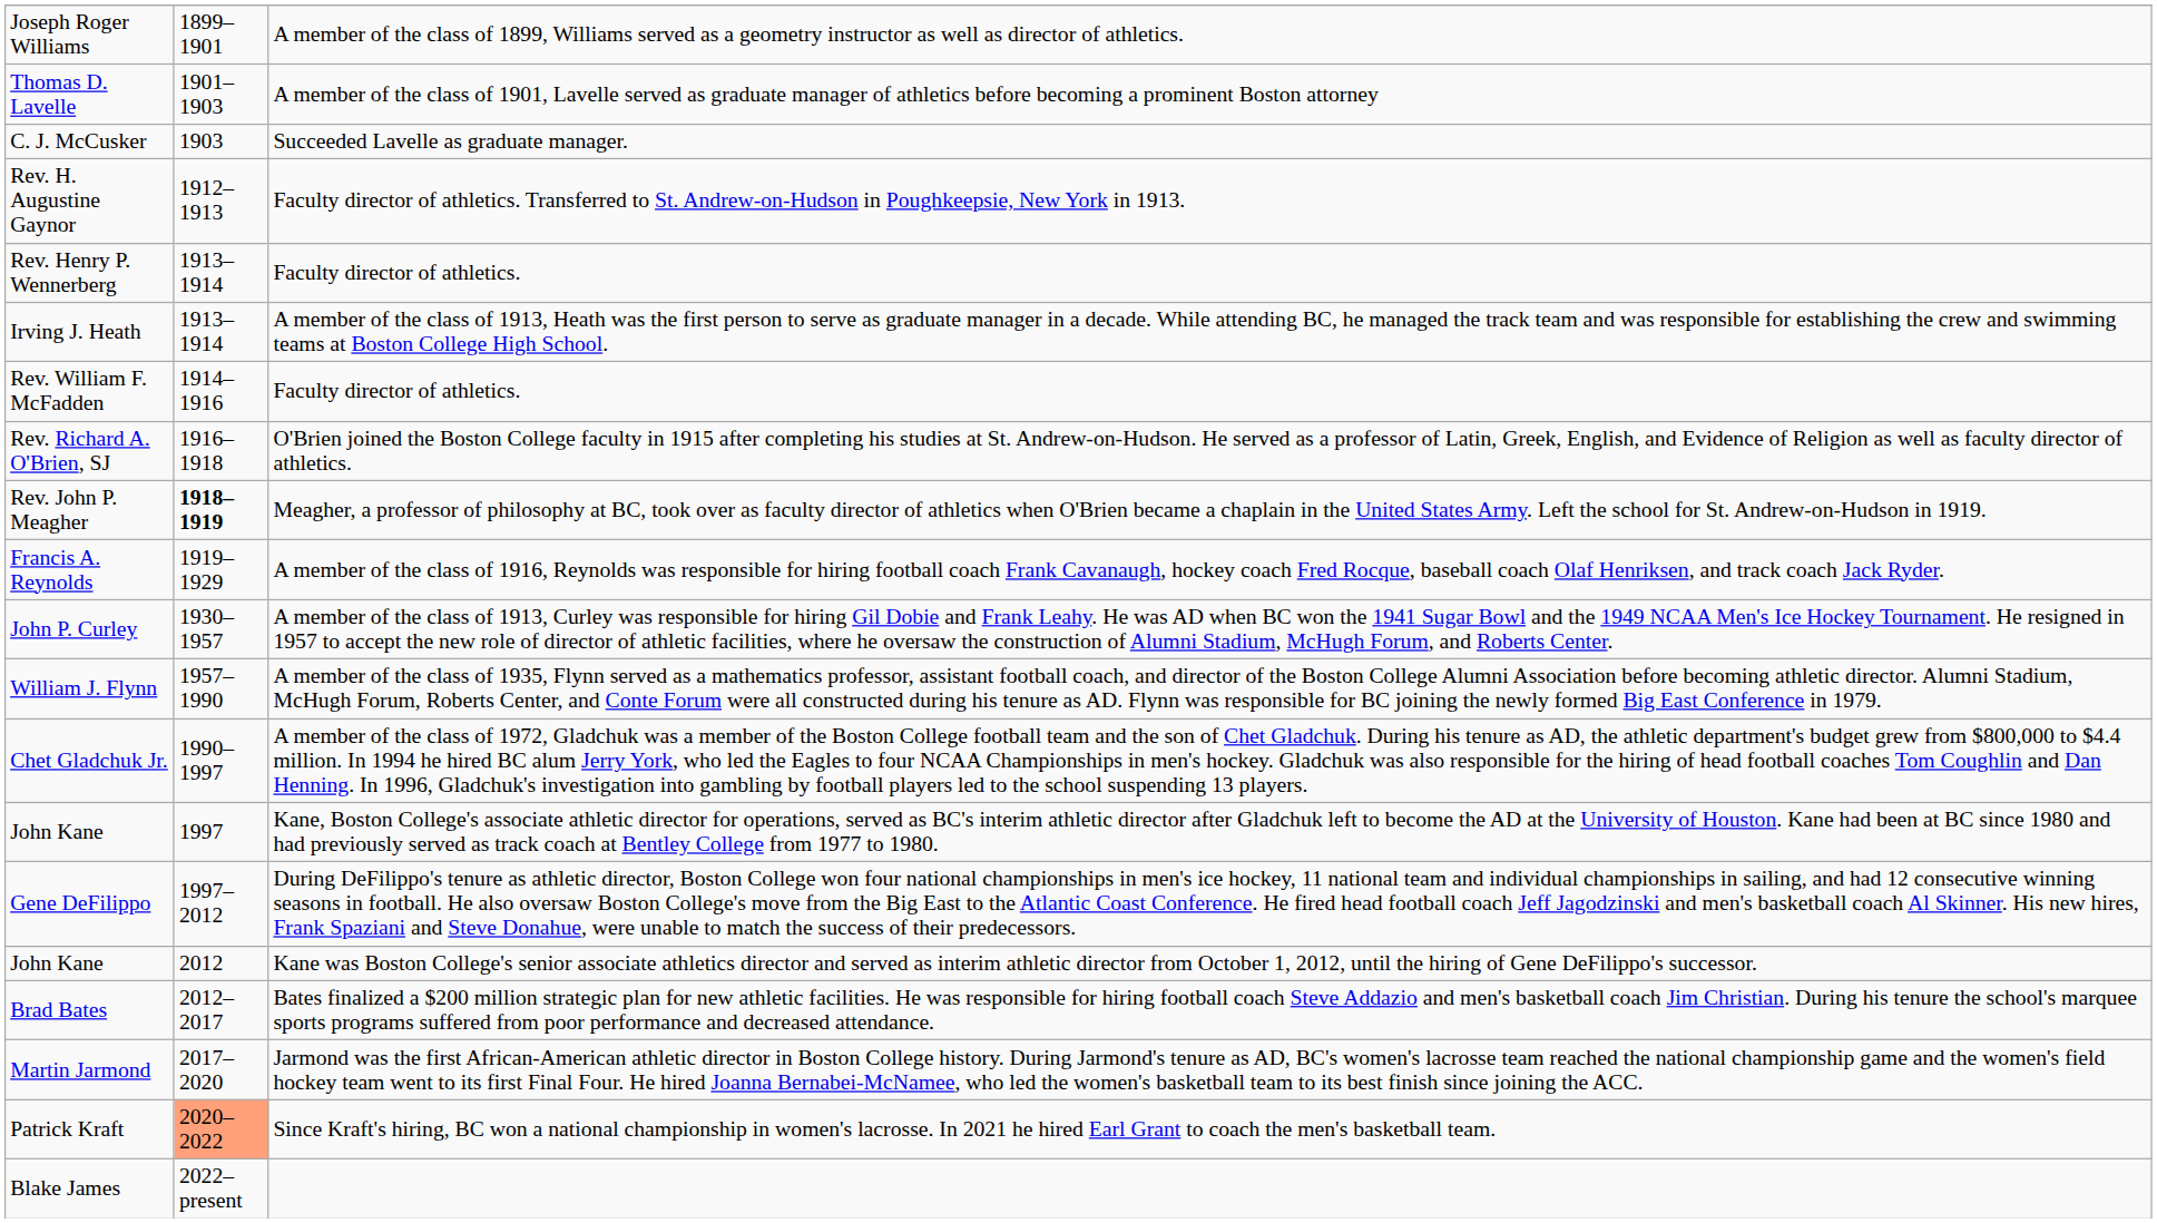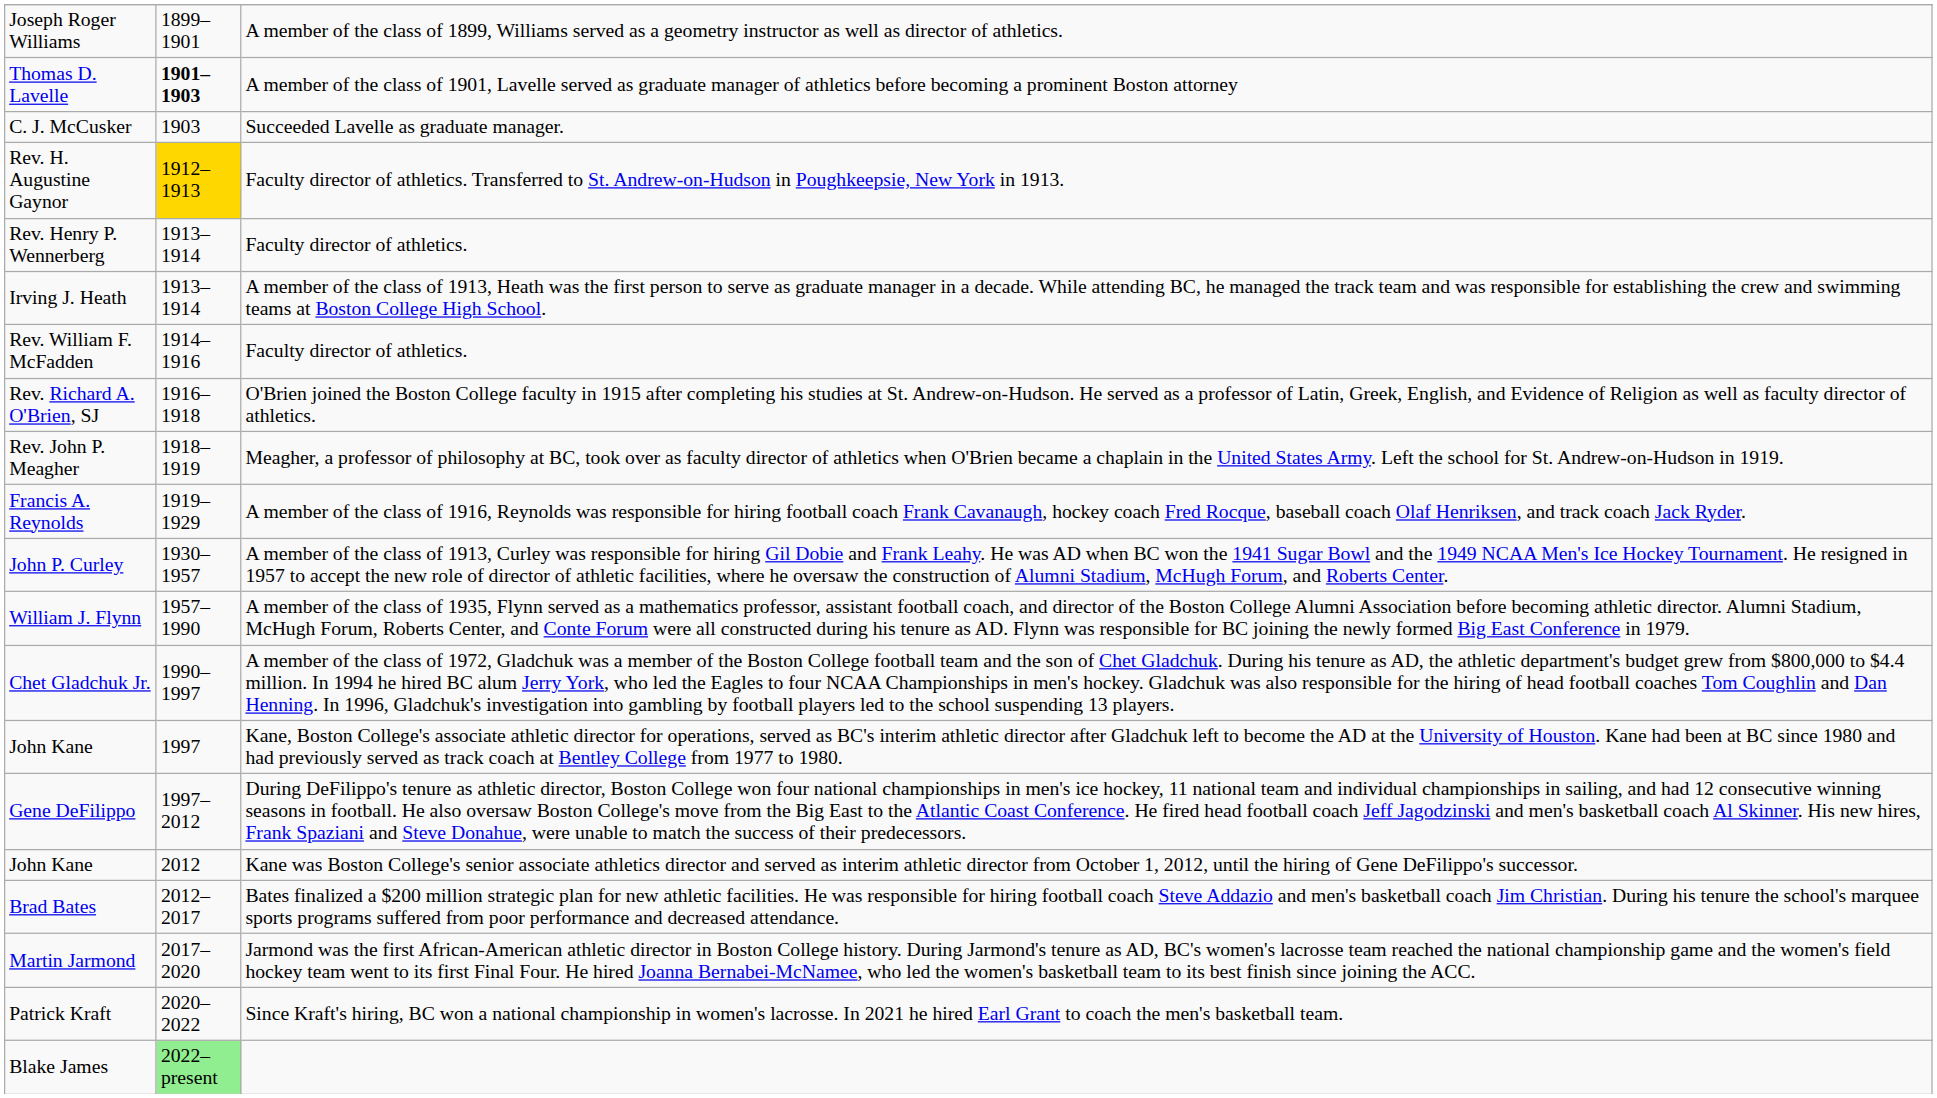 <table class="wikitable">
 <tr>
 </tr>
 <tr>
 <td>Joseph Roger Williams</td>
 <td>1899–1901</td>
 <td>A member of the class of 1899, Williams served as a geometry instructor as well as director of athletics.</td>
 </tr>
 <tr>
 <td><a href='#'>Thomas D. Lavelle</a></td>
-<td>1901–1903</td>
+<td><strong>1901–1903</strong></td>
 <td>A member of the class of 1901, Lavelle served as graduate manager of athletics before becoming a prominent Boston attorney</td>
 </tr>
 <tr>
 <td>C. J. McCusker</td>
 <td>1903</td>
 <td>Succeeded Lavelle as graduate manager.</td>
 </tr>
 <tr>
 <td>Rev. H. Augustine Gaynor</td>
-<td>1912–1913</td>
+<td style="background: gold;">1912–1913</td>
 <td>Faculty director of athletics. Transferred to <a href='#'>St. Andrew-on-Hudson</a> in <a href='#'>Poughkeepsie, New York</a> in 1913.</td>
 </tr>
 <tr>
 <td>Rev. Henry P. Wennerberg</td>
 <td>1913–1914</td>
 <td>Faculty director of athletics.</td>
 </tr>
 <tr>
 <td>Irving J. Heath</td>
 <td>1913–1914</td>
 <td>A member of the class of 1913, Heath was the first person to serve as graduate manager in a decade. While attending BC, he managed the track team and was responsible for establishing the crew and swimming teams at <a href='#'>Boston College High School</a>.</td>
 </tr>
 <tr>
 <td>Rev. William F. McFadden</td>
 <td>1914–1916</td>
 <td>Faculty director of athletics.</td>
 </tr>
 <tr>
 <td>Rev. <a href='#'>Richard A. O'Brien</a>, SJ</td>
 <td>1916–1918</td>
 <td>O'Brien joined the Boston College faculty in 1915 after completing his studies at St. Andrew-on-Hudson. He served as a professor of Latin, Greek, English, and Evidence of Religion as well as faculty director of athletics.</td>
 </tr>
 <tr>
 <td>Rev. John P. Meagher</td>
-<td><strong>1918–1919</strong></td>
+<td>1918–1919</td>
 <td>Meagher, a professor of philosophy at BC, took over as faculty director of athletics when O'Brien became a chaplain in the <a href='#'>United States Army</a>. Left the school for St. Andrew-on-Hudson in 1919.</td>
 </tr>
 <tr>
 <td><a href='#'>Francis A. Reynolds</a></td>
 <td>1919–1929</td>
 <td>A member of the class of 1916, Reynolds was responsible for hiring football coach <a href='#'>Frank Cavanaugh</a>, hockey coach <a href='#'>Fred Rocque</a>, baseball coach <a href='#'>Olaf Henriksen</a>, and track coach <a href='#'>Jack Ryder</a>.</td>
 </tr>
 <tr>
 <td><a href='#'>John P. Curley</a></td>
 <td>1930–1957</td>
 <td>A member of the class of 1913, Curley was responsible for hiring <a href='#'>Gil Dobie</a> and <a href='#'>Frank Leahy</a>. He was AD when BC won the <a href='#'>1941 Sugar Bowl</a> and the <a href='#'>1949 NCAA Men's Ice Hockey Tournament</a>. He resigned in 1957 to accept the new role of director of athletic facilities, where he oversaw the construction of <a href='#'>Alumni Stadium</a>, <a href='#'>McHugh Forum</a>, and <a href='#'>Roberts Center</a>.</td>
 </tr>
 <tr>
 <td><a href='#'>William J. Flynn</a></td>
 <td>1957–1990</td>
 <td>A member of the class of 1935, Flynn served as a mathematics professor, assistant football coach, and director of the Boston College Alumni Association before becoming athletic director. Alumni Stadium, McHugh Forum, Roberts Center, and <a href='#'>Conte Forum</a> were all constructed during his tenure as AD. Flynn was responsible for BC joining the newly formed <a href='#'>Big East Conference</a> in 1979.</td>
 </tr>
 <tr>
 <td><a href='#'>Chet Gladchuk Jr.</a></td>
 <td>1990–1997</td>
 <td>A member of the class of 1972, Gladchuk was a member of the Boston College football team and the son of <a href='#'>Chet Gladchuk</a>. During his tenure as AD, the athletic department's budget grew from $800,000 to $4.4 million. In 1994 he hired BC alum <a href='#'>Jerry York</a>, who led the Eagles to four NCAA Championships in men's hockey. Gladchuk was also responsible for the hiring of head football coaches <a href='#'>Tom Coughlin</a> and <a href='#'>Dan Henning</a>. In 1996, Gladchuk's investigation into gambling by football players led to the school suspending 13 players.</td>
 </tr>
 <tr>
 <td>John Kane</td>
 <td>1997</td>
 <td>Kane, Boston College's associate athletic director for operations, served as BC's interim athletic director after Gladchuk left to become the AD at the <a href='#'>University of Houston</a>. Kane had been at BC since 1980 and had previously served as track coach at <a href='#'>Bentley College</a> from 1977 to 1980.</td>
 </tr>
 <tr>
 <td><a href='#'>Gene DeFilippo</a></td>
 <td>1997–2012</td>
 <td>During DeFilippo's tenure as athletic director, Boston College won four national championships in men's ice hockey, 11 national team and individual championships in sailing, and had 12 consecutive winning seasons in football. He also oversaw Boston College's move from the Big East to the <a href='#'>Atlantic Coast Conference</a>. He fired head football coach <a href='#'>Jeff Jagodzinski</a> and men's basketball coach <a href='#'>Al Skinner</a>. His new hires, <a href='#'>Frank Spaziani</a> and <a href='#'>Steve Donahue</a>, were unable to match the success of their predecessors.</td>
 </tr>
 <tr>
 <td>John Kane</td>
 <td>2012</td>
 <td>Kane was Boston College's senior associate athletics director and served as interim athletic director from October 1, 2012, until the hiring of Gene DeFilippo's successor.</td>
 </tr>
 <tr>
 <td><a href='#'>Brad Bates</a></td>
 <td>2012–2017</td>
 <td>Bates finalized a $200 million strategic plan for new athletic facilities. He was responsible for hiring football coach <a href='#'>Steve Addazio</a> and men's basketball coach <a href='#'>Jim Christian</a>. During his tenure the school's marquee sports programs suffered from poor performance and decreased attendance.</td>
 </tr>
 <tr>
 <td><a href='#'>Martin Jarmond</a></td>
 <td>2017–2020</td>
 <td>Jarmond was the first African-American athletic director in Boston College history. During Jarmond's tenure as AD, BC's women's lacrosse team reached the national championship game and the women's field hockey team went to its first Final Four. He hired <a href='#'>Joanna Bernabei-McNamee</a>, who led the women's basketball team to its best finish since joining the ACC.</td>
 </tr>
 <tr>
 <td>Patrick Kraft</td>
-<td style="background: lightsalmon;">2020–2022</td>
+<td>2020–2022</td>
 <td>Since Kraft's hiring, BC won a national championship in women's lacrosse. In 2021 he hired <a href='#'>Earl Grant</a> to coach the men's basketball team.</td>
 </tr>
 <tr>
 <td>Blake James</td>
-<td>2022–present</td>
+<td style="background: lightgreen;">2022–present</td>
 <td></td>
 </tr>
 </table>
